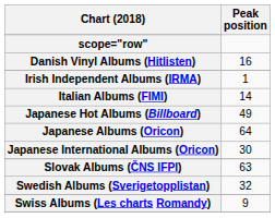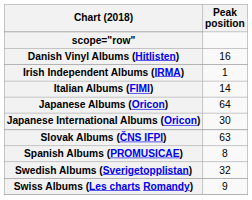 <table class="wikitable sortable plainrowheaders" style="text-align:center">
 <tr>
 <th scope="col">Chart (2018)</th>
 <th scope="col">Peak<br> position</th>
 </tr>
 <tr>
 </tr>
 <tr>
 </tr>
 <tr>
 </tr>
 <tr>
 </tr>
 <tr>
 </tr>
 <tr>
 <th>scope="row"</th>
 </tr>
 <tr>
 <th scope="row">Danish Vinyl Albums (<a href='#'>Hitlisten</a>)</th>
 <td>16</td>
 </tr>
 <tr>
 </tr>
 <tr>
 </tr>
 <tr>
 </tr>
 <tr>
 </tr>
 <tr>
 </tr>
 <tr>
 </tr>
 <tr>
 <th scope="row">Irish Independent Albums (<a href='#'>IRMA</a>)</th>
 <td>1</td>
 </tr>
 <tr>
 <th scope="row">Italian Albums (<a href='#'>FIMI</a>)</th>
 <td>14</td>
 </tr>
 <tr>
-<th scope="row">Japanese Hot Albums (<em><a href='#'>Billboard</a></em>)</th>
-<td>49</td>
-</tr>
-<tr>
 <th scope="row">Japanese Albums (<a href='#'>Oricon</a>)</th>
 <td>64</td>
 </tr>
 <tr>
 <th scope="row">Japanese International Albums (<a href='#'>Oricon</a>)</th>
 <td>30</td>
 </tr>
 <tr>
 </tr>
 <tr>
 </tr>
 <tr>
 </tr>
 <tr>
 <th scope="row">Slovak Albums (<a href='#'>ČNS IFPI</a>)</th>
 <td>63</td>
+</tr>
+<tr>
+<th scope="row">Spanish Albums (<a href='#'>PROMUSICAE</a>)</th>
+<td>8</td>
 </tr>
 <tr>
 <th scope="row">Swedish Albums (<a href='#'>Sverigetopplistan</a>)</th>
 <td>32</td>
 </tr>
 <tr>
 </tr>
 <tr>
 <th scope="row">Swiss Albums (<a href='#'>Les charts</a> <a href='#'>Romandy</a>)</th>
 <td>9</td>
 </tr>
 <tr>
 </tr>
 <tr>
 </tr>
 <tr>
 </tr>
 <tr>
 </tr>
 <tr>
 </tr>
 <tr>
 </tr>
 </table>
